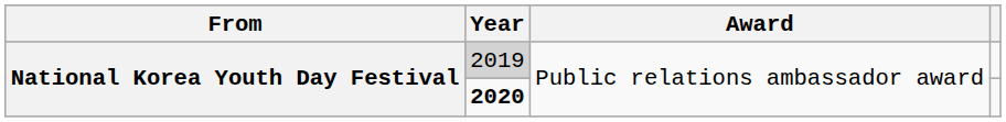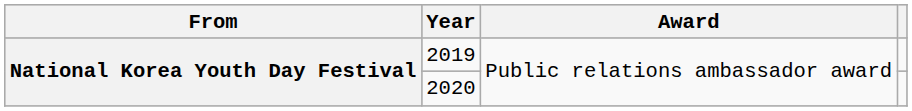 <table class="wikitable plainrowheaders sortable">
 <tr>
 <th>From</th>
 <th scope="col">Year</th>
 <th>Award</th>
 <th scope="col" class="unsortable"></th>
 </tr>
 <tr>
 <th rowspan="2"! scope="row" style="text-align:center">National Korea Youth Day Festival</th>
-<td style="background: lightgrey; text-align:center">2019</td>
+<td style="text-align:center">2019</td>
 <td rowspan="2">Public relations ambassador award</td>
 <td style="text-align:center"></td>
 </tr>
 <tr>
-<td style="text-align:center"><strong>2020</strong></td>
+<td style="text-align:center">2020</td>
 <td style="text-align:center"></td>
 </tr>
 </table>
